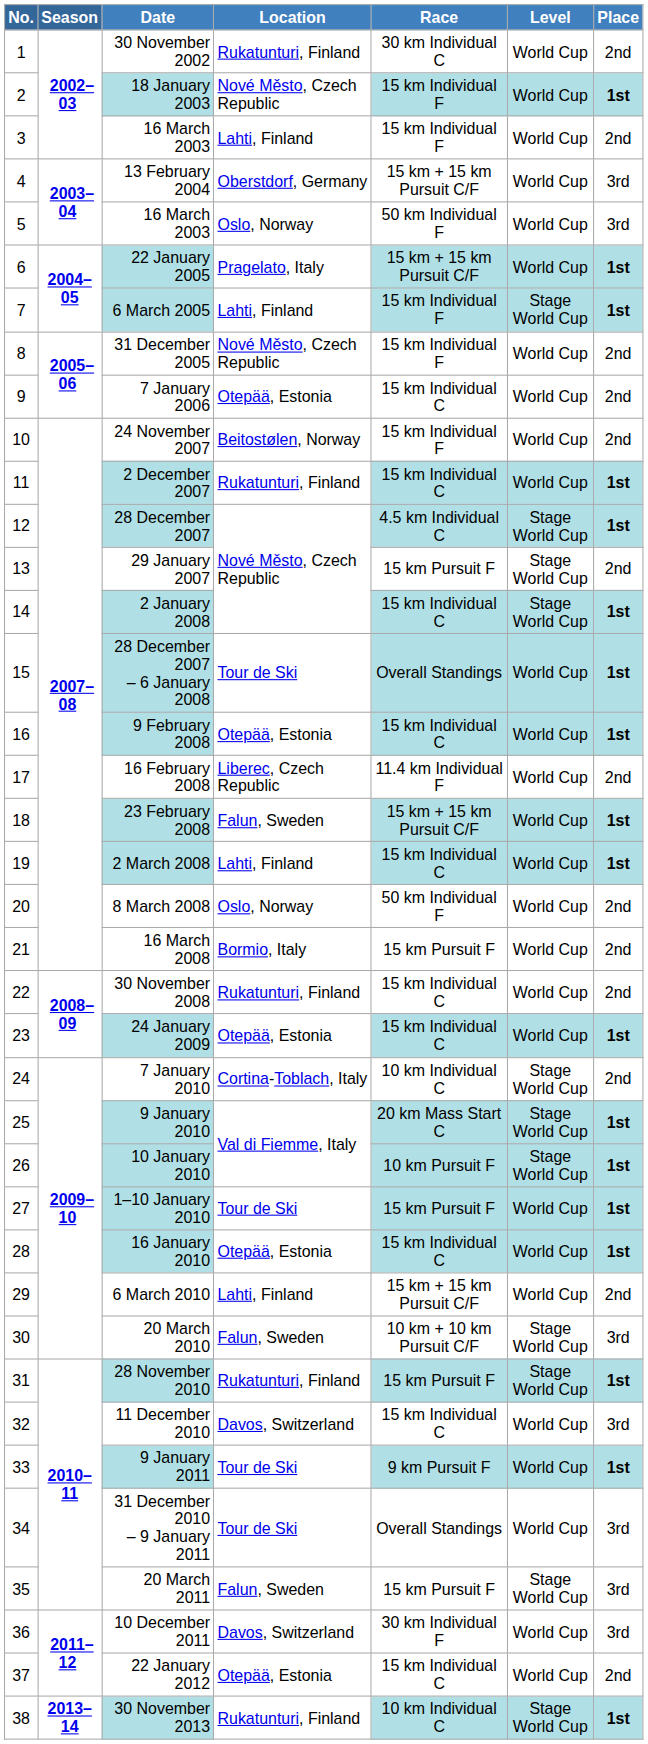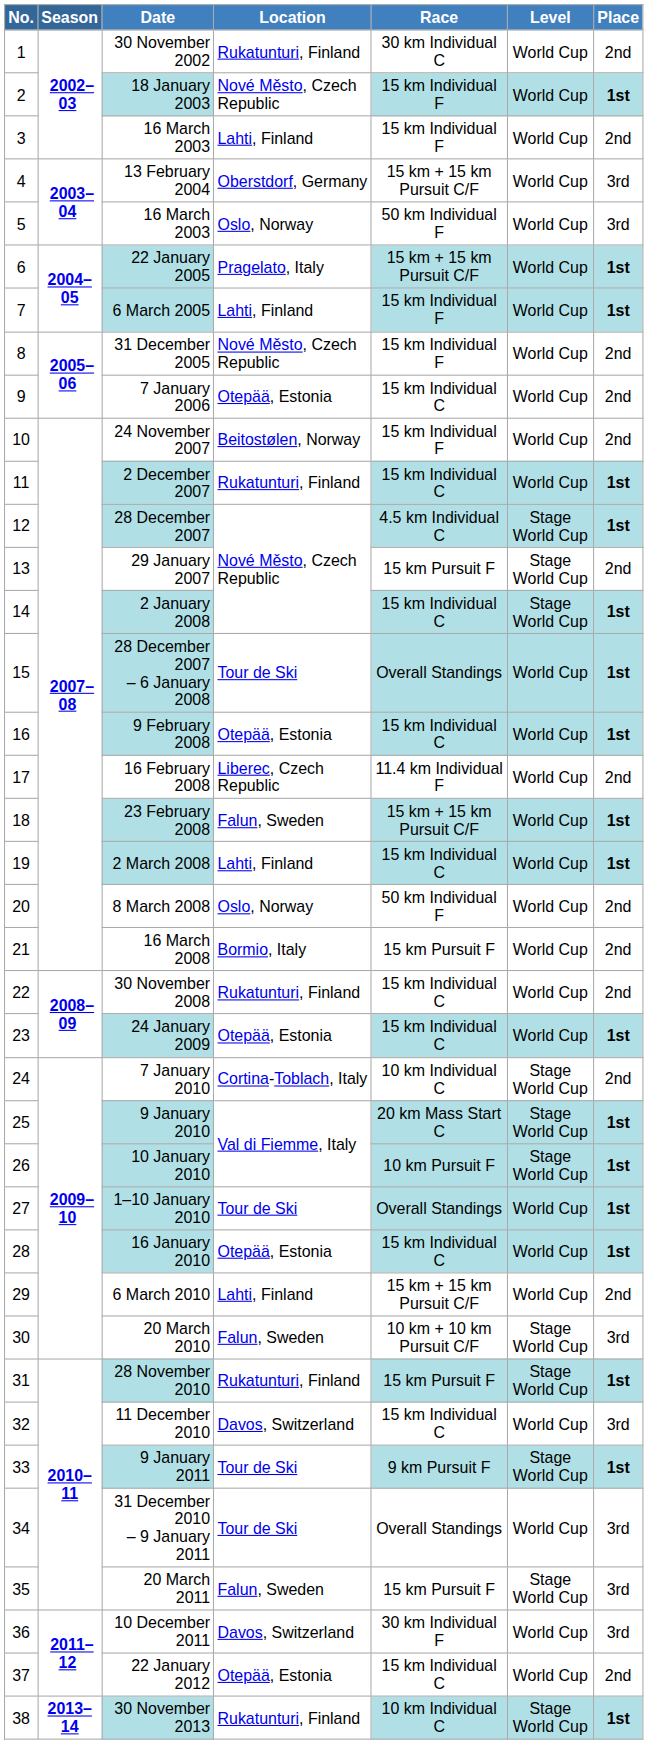 <table class="wikitable sortable" style="font-size:95%; text-align:center; border:grey solid 1px; border-collapse:collapse; background:#ffffff;">
 <tr style="background:#efefef;">
 <th style="background-color:#369; color:white;">No.</th>
 <th style="background-color:#369; color:white;">Season</th>
 <th style="background-color:#4180be; color:white; width:120px;">Date</th>
 <th style="background-color:#4180be; color:white; width:185px;">Location</th>
 <th style="background-color:#4180be; color:white; width:160px;">Race</th>
 <th style="background-color:#4180be; color:white; width:100px;">Level</th>
 <th style="background-color:#4180be; color:white;">Place</th>
 </tr>
 <tr>
 <td align=center>1</td>
 <td rowspan=3 align=center><strong> <a href='#'>2002–03</a> </strong></td>
 <td align=right>30 November 2002</td>
 <td align=left> <a href='#'>Rukatunturi</a>, Finland</td>
 <td>30 km Individual C</td>
 <td>World Cup</td>
 <td>2nd</td>
 </tr>
 <tr>
 <td align=center>2</td>
 <td bgcolor="#BOEOE6" align=right>18 January 2003</td>
 <td align=left> <a href='#'>Nové Město</a>, Czech Republic</td>
 <td bgcolor="#BOEOE6">15 km Individual F</td>
 <td bgcolor="#BOEOE6">World Cup</td>
 <td bgcolor="#BOEOE6"><strong>1st</strong></td>
 </tr>
 <tr>
 <td align=center>3</td>
 <td align=right>16 March 2003</td>
 <td align=left> <a href='#'>Lahti</a>, Finland</td>
 <td>15 km Individual F</td>
 <td>World Cup</td>
 <td>2nd</td>
 </tr>
 <tr>
 <td align=center>4</td>
 <td rowspan=2 align=center><strong> <a href='#'>2003–04</a> </strong></td>
 <td align=right>13 February 2004</td>
 <td align=left> <a href='#'>Oberstdorf</a>, Germany</td>
 <td>15 km + 15 km Pursuit C/F</td>
 <td>World Cup</td>
 <td>3rd</td>
 </tr>
 <tr>
 <td align=center>5</td>
 <td align=right>16 March 2003</td>
 <td align=left> <a href='#'>Oslo</a>, Norway</td>
 <td>50 km Individual F</td>
 <td>World Cup</td>
 <td>3rd</td>
 </tr>
 <tr>
 <td align=center>6</td>
 <td rowspan=2 align=center><strong><a href='#'>2004–05</a></strong></td>
 <td bgcolor="#BOEOE6" align=right>22 January 2005</td>
 <td align=left> <a href='#'>Pragelato</a>, Italy</td>
 <td bgcolor="#BOEOE6">15 km + 15 km Pursuit C/F</td>
 <td bgcolor="#BOEOE6">World Cup</td>
 <td bgcolor="#BOEOE6"><strong>1st</strong></td>
 </tr>
 <tr>
 <td align=center>7</td>
 <td bgcolor="#BOEOE6" align=right>6 March 2005</td>
 <td align=left> <a href='#'>Lahti</a>, Finland</td>
 <td bgcolor="#BOEOE6">15 km Individual F</td>
-<td bgcolor="#BOEOE6">Stage World Cup</td>
+<td bgcolor="#BOEOE6">World Cup</td>
 <td bgcolor="#BOEOE6"><strong>1st</strong></td>
 </tr>
 <tr>
 <td align=center>8</td>
 <td rowspan=2 align=center><strong> <a href='#'>2005–06</a> </strong></td>
 <td align=right>31 December 2005</td>
 <td align=left> <a href='#'>Nové Město</a>, Czech Republic</td>
 <td>15 km Individual F</td>
 <td>World Cup</td>
 <td>2nd</td>
 </tr>
 <tr>
 <td align=center>9</td>
 <td align=right>7 January 2006</td>
 <td align=left> <a href='#'>Otepää</a>, Estonia</td>
 <td>15 km Individual C</td>
 <td>World Cup</td>
 <td>2nd</td>
 </tr>
 <tr>
 <td align=center>10</td>
 <td rowspan=12 align=center><strong> <a href='#'>2007–08</a> </strong></td>
 <td align=right>24 November 2007</td>
 <td align=left> <a href='#'>Beitostølen</a>, Norway</td>
 <td>15 km Individual F</td>
 <td>World Cup</td>
 <td>2nd</td>
 </tr>
 <tr>
 <td align=center>11</td>
 <td bgcolor="#BOEOE6" align=right>2 December 2007</td>
 <td align=left> <a href='#'>Rukatunturi</a>, Finland</td>
 <td bgcolor="#BOEOE6">15 km Individual C</td>
 <td bgcolor="#BOEOE6">World Cup</td>
 <td bgcolor="#BOEOE6"><strong>1st</strong></td>
 </tr>
 <tr>
 <td align=center>12</td>
 <td bgcolor="#BOEOE6" align=right>28 December 2007</td>
 <td rowspan=3 align=left> <a href='#'>Nové Město</a>, Czech Republic</td>
 <td bgcolor="#BOEOE6">4.5 km Individual C</td>
 <td bgcolor="#BOEOE6">Stage World Cup</td>
 <td bgcolor="#BOEOE6"><strong>1st</strong></td>
 </tr>
 <tr>
 <td align=center>13</td>
 <td align=right>29 January 2007</td>
 <td>15 km Pursuit F</td>
 <td>Stage World Cup</td>
 <td>2nd</td>
 </tr>
 <tr>
 <td align=center>14</td>
 <td bgcolor="#BOEOE6" align=right>2 January 2008</td>
 <td bgcolor="#BOEOE6">15 km Individual C</td>
 <td bgcolor="#BOEOE6">Stage World Cup</td>
 <td bgcolor="#BOEOE6"><strong>1st</strong></td>
 </tr>
 <tr>
 <td align=center>15</td>
 <td bgcolor="#BOEOE6" align=right>28 December 2007<br> – 6 January 2008</td>
 <td align=left> <a href='#'>Tour de Ski</a></td>
 <td bgcolor="#BOEOE6">Overall Standings</td>
 <td bgcolor="#BOEOE6">World Cup</td>
 <td bgcolor="#BOEOE6"><strong>1st</strong></td>
 </tr>
 <tr>
 <td align=center>16</td>
 <td bgcolor="#BOEOE6" align=right>9 February 2008</td>
 <td align=left> <a href='#'>Otepää</a>, Estonia</td>
 <td bgcolor="#BOEOE6">15 km Individual C</td>
 <td bgcolor="#BOEOE6">World Cup</td>
 <td bgcolor="#BOEOE6"><strong>1st</strong></td>
 </tr>
 <tr>
 <td align=center>17</td>
 <td align=right>16 February 2008</td>
 <td align=left> <a href='#'>Liberec</a>, Czech Republic</td>
 <td>11.4 km Individual F</td>
 <td>World Cup</td>
 <td>2nd</td>
 </tr>
 <tr>
 <td align=center>18</td>
 <td bgcolor="#BOEOE6" align=right>23 February 2008</td>
 <td align=left> <a href='#'>Falun</a>, Sweden</td>
 <td bgcolor="#BOEOE6">15 km + 15 km Pursuit C/F</td>
 <td bgcolor="#BOEOE6">World Cup</td>
 <td bgcolor="#BOEOE6"><strong>1st</strong></td>
 </tr>
 <tr>
 <td align=center>19</td>
 <td bgcolor="#BOEOE6" align=right>2 March 2008</td>
 <td align=left> <a href='#'>Lahti</a>, Finland</td>
 <td bgcolor="#BOEOE6">15 km Individual C</td>
 <td bgcolor="#BOEOE6">World Cup</td>
 <td bgcolor="#BOEOE6"><strong>1st</strong></td>
 </tr>
 <tr>
 <td align=center>20</td>
 <td align=right>8 March 2008</td>
 <td align=left> <a href='#'>Oslo</a>, Norway</td>
 <td>50 km Individual F</td>
 <td>World Cup</td>
 <td>2nd</td>
 </tr>
 <tr>
 <td align=center>21</td>
 <td align=right>16 March 2008</td>
 <td align=left> <a href='#'>Bormio</a>, Italy</td>
 <td>15 km Pursuit F</td>
 <td>World Cup</td>
 <td>2nd</td>
 </tr>
 <tr>
 <td align=center>22</td>
 <td rowspan=2 align=center><strong> <a href='#'>2008–09</a> </strong></td>
 <td align=right>30 November 2008</td>
 <td align=left> <a href='#'>Rukatunturi</a>, Finland</td>
 <td>15 km Individual C</td>
 <td>World Cup</td>
 <td>2nd</td>
 </tr>
 <tr>
 <td align=center>23</td>
 <td bgcolor="#BOEOE6" align=right>24 January 2009</td>
 <td align=left> <a href='#'>Otepää</a>, Estonia</td>
 <td bgcolor="#BOEOE6">15 km Individual C</td>
 <td bgcolor="#BOEOE6">World Cup</td>
 <td bgcolor="#BOEOE6"><strong>1st</strong></td>
 </tr>
 <tr>
 <td align=center>24</td>
 <td rowspan=7 align=center><strong> <a href='#'>2009–10</a> </strong></td>
 <td align=right>7 January 2010</td>
 <td align=left> <a href='#'>Cortina</a>-<a href='#'>Toblach</a>, Italy</td>
 <td>10 km Individual C</td>
 <td>Stage World Cup</td>
 <td>2nd</td>
 </tr>
 <tr>
 <td align=center>25</td>
 <td bgcolor="#BOEOE6" align=right>9 January 2010</td>
 <td rowspan=2 align=left> <a href='#'>Val di Fiemme</a>, Italy</td>
 <td bgcolor="#BOEOE6">20 km Mass Start C</td>
 <td bgcolor="#BOEOE6">Stage World Cup</td>
 <td bgcolor="#BOEOE6"><strong>1st</strong></td>
 </tr>
 <tr>
 <td align=center>26</td>
 <td bgcolor="#BOEOE6" align=right>10 January 2010</td>
 <td bgcolor="#BOEOE6">10 km Pursuit F</td>
 <td bgcolor="#BOEOE6">Stage World Cup</td>
 <td bgcolor="#BOEOE6"><strong>1st</strong></td>
 </tr>
 <tr>
 <td align=center>27</td>
 <td bgcolor="#BOEOE6" align=right>1–10 January 2010</td>
 <td align=left> <a href='#'>Tour de Ski</a></td>
-<td bgcolor="#BOEOE6">15 km Pursuit F</td>
+<td bgcolor="#BOEOE6">Overall Standings</td>
 <td bgcolor="#BOEOE6">World Cup</td>
 <td bgcolor="#BOEOE6"><strong>1st</strong></td>
 </tr>
 <tr>
 <td align=center>28</td>
 <td bgcolor="#BOEOE6" align=right>16 January 2010</td>
 <td align=left> <a href='#'>Otepää</a>, Estonia</td>
 <td bgcolor="#BOEOE6">15 km Individual C</td>
 <td bgcolor="#BOEOE6">World Cup</td>
 <td bgcolor="#BOEOE6"><strong>1st</strong></td>
 </tr>
 <tr>
 <td align=center>29</td>
 <td align=right>6 March 2010</td>
 <td align=left> <a href='#'>Lahti</a>, Finland</td>
 <td>15 km + 15 km Pursuit C/F</td>
 <td>World Cup</td>
 <td>2nd</td>
 </tr>
 <tr>
 <td align=center>30</td>
 <td align=right>20 March 2010</td>
 <td align=left> <a href='#'>Falun</a>, Sweden</td>
 <td>10 km + 10 km Pursuit C/F</td>
 <td>Stage World Cup</td>
 <td>3rd</td>
 </tr>
 <tr>
 <td align=center>31</td>
 <td rowspan=5 align=center><strong><a href='#'>2010–11</a></strong></td>
 <td bgcolor="#BOEOE6" align=right>28 November 2010</td>
 <td align=left> <a href='#'>Rukatunturi</a>, Finland</td>
 <td bgcolor="#BOEOE6">15 km Pursuit F</td>
 <td bgcolor="#BOEOE6">Stage World Cup</td>
 <td bgcolor="#BOEOE6"><strong>1st</strong></td>
 </tr>
 <tr>
 <td align=center>32</td>
 <td align=right>11 December 2010</td>
 <td align=left> <a href='#'>Davos</a>, Switzerland</td>
 <td>15 km Individual C</td>
 <td>World Cup</td>
 <td>3rd</td>
 </tr>
 <tr>
 <td align=center>33</td>
 <td bgcolor="#BOEOE6" align=right>9 January 2011</td>
 <td align=left> <a href='#'>Tour de Ski</a></td>
 <td bgcolor="#BOEOE6">9 km Pursuit F</td>
-<td bgcolor="#BOEOE6">World Cup</td>
+<td bgcolor="#BOEOE6">Stage World Cup</td>
 <td bgcolor="#BOEOE6"><strong>1st</strong></td>
 </tr>
 <tr>
 <td align=center>34</td>
 <td align=right>31 December 2010<br> – 9 January 2011</td>
 <td align=left> <a href='#'>Tour de Ski</a></td>
 <td>Overall Standings</td>
 <td>World Cup</td>
 <td>3rd</td>
 </tr>
 <tr>
 <td align=center>35</td>
 <td align=right>20 March 2011</td>
 <td align=left> <a href='#'>Falun</a>, Sweden</td>
 <td>15 km Pursuit F</td>
 <td>Stage World Cup</td>
 <td>3rd</td>
 </tr>
 <tr>
 <td align=center>36</td>
 <td rowspan=2 align=center><strong> <a href='#'>2011–12</a> </strong></td>
 <td align=right>10 December 2011</td>
 <td align=left> <a href='#'>Davos</a>, Switzerland</td>
 <td>30 km Individual F</td>
 <td>World Cup</td>
 <td>3rd</td>
 </tr>
 <tr>
 <td align=center>37</td>
 <td align=right>22 January 2012</td>
 <td align=left> <a href='#'>Otepää</a>, Estonia</td>
 <td>15 km Individual C</td>
 <td>World Cup</td>
 <td>2nd</td>
 </tr>
 <tr>
 <td align=center>38</td>
 <td rowspan=1 align=center><strong><a href='#'>2013–14</a></strong></td>
 <td bgcolor="#BOEOE6" align=right>30 November 2013</td>
 <td align=left> <a href='#'>Rukatunturi</a>, Finland</td>
 <td bgcolor="#BOEOE6">10 km Individual C</td>
 <td bgcolor="#BOEOE6">Stage World Cup</td>
 <td bgcolor="#BOEOE6"><strong>1st</strong></td>
 </tr>
 </table>
